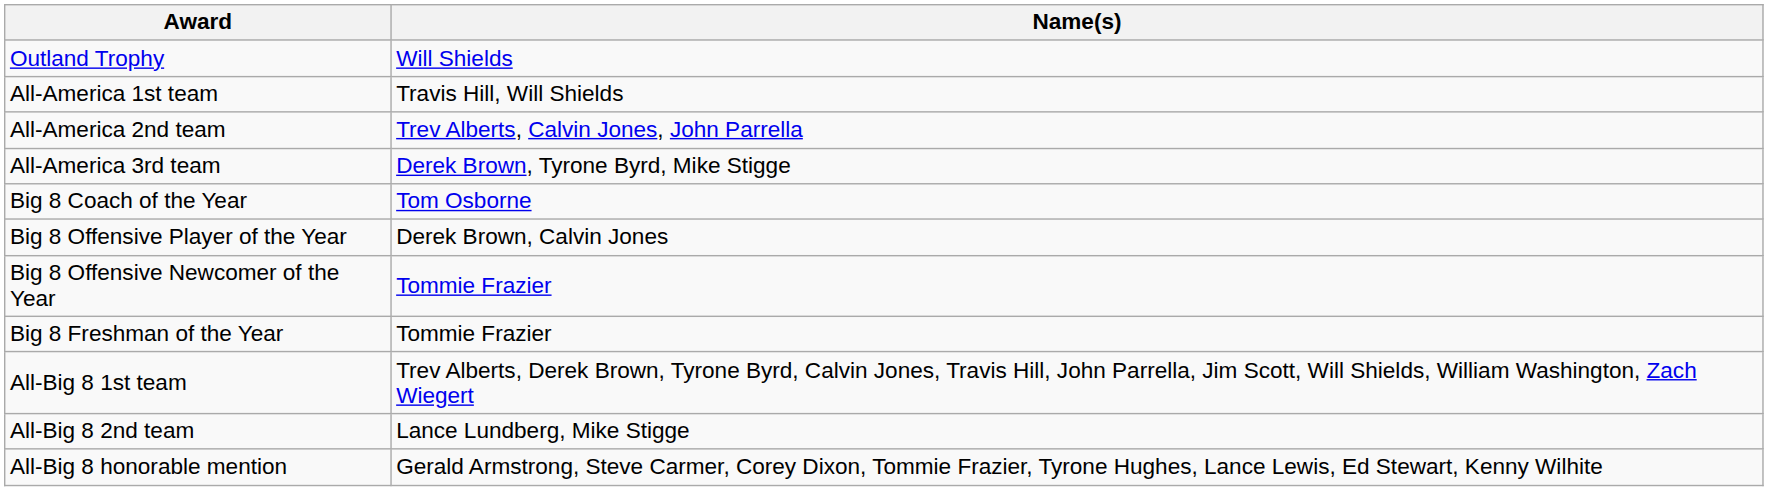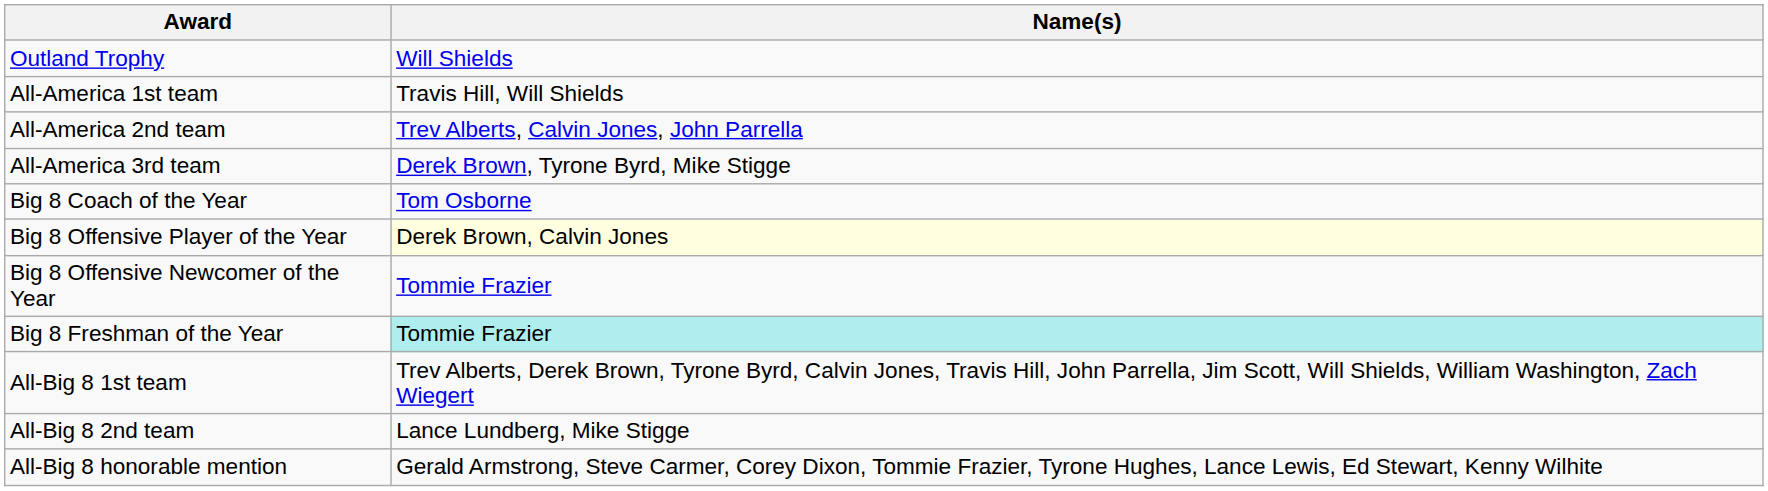 <table class="wikitable">
 <tr>
 <th>Award</th>
 <th>Name(s)</th>
 </tr>
 <tr>
 <td><a href='#'>Outland Trophy</a></td>
 <td><a href='#'>Will Shields</a></td>
 </tr>
 <tr>
 <td>All-America 1st team</td>
 <td>Travis Hill, Will Shields</td>
 </tr>
 <tr>
 <td>All-America 2nd team</td>
 <td><a href='#'>Trev Alberts</a>, <a href='#'>Calvin Jones</a>, <a href='#'>John Parrella</a></td>
 </tr>
 <tr>
 <td>All-America 3rd team</td>
 <td><a href='#'>Derek Brown</a>, Tyrone Byrd, Mike Stigge</td>
 </tr>
 <tr>
 <td>Big 8 Coach of the Year</td>
 <td><a href='#'>Tom Osborne</a></td>
 </tr>
 <tr>
 <td>Big 8 Offensive Player of the Year</td>
-<td>Derek Brown, Calvin Jones</td>
+<td style="background: lightyellow;">Derek Brown, Calvin Jones</td>
 </tr>
 <tr>
 <td>Big 8 Offensive Newcomer of the Year</td>
 <td><a href='#'>Tommie Frazier</a></td>
 </tr>
 <tr>
 <td>Big 8 Freshman of the Year</td>
-<td>Tommie Frazier</td>
+<td style="background: paleturquoise;">Tommie Frazier</td>
 </tr>
 <tr>
 <td>All-Big 8 1st team</td>
 <td>Trev Alberts, Derek Brown, Tyrone Byrd, Calvin Jones, Travis Hill, John Parrella, Jim Scott, Will Shields, William Washington, <a href='#'>Zach Wiegert</a></td>
 </tr>
 <tr>
 <td>All-Big 8 2nd team</td>
 <td>Lance Lundberg, Mike Stigge</td>
 </tr>
 <tr>
 <td>All-Big 8 honorable mention</td>
 <td>Gerald Armstrong, Steve Carmer, Corey Dixon, Tommie Frazier, Tyrone Hughes, Lance Lewis, Ed Stewart, Kenny Wilhite</td>
 </tr>
 </table>
